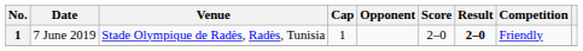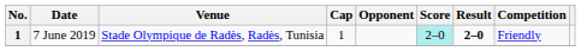 <table class="wikitable sortable plainrowheaders">
 <tr>
 <th scope=col>No.</th>
 <th scope=col>Date</th>
 <th scope=col>Venue</th>
 <th scope=col>Cap</th>
 <th scope=col>Opponent</th>
 <th scope=col>Score</th>
 <th scope=col>Result</th>
 <th scope=col>Competition</th>
 <th scope=col class=unsortable></th>
 </tr>
 <tr>
 <th scope=row style=text-align:center>1</th>
 <td>7 June 2019</td>
 <td><a href='#'>Stade Olympique de Radès</a>, <a href='#'>Radès</a>, Tunisia</td>
 <td align=center>1</td>
 <td></td>
-<td align=center>2–0</td>
+<td align=center style="background: paleturquoise;">2–0</td>
 <td align=center><strong>2–0</strong></td>
 <td><a href='#'>Friendly</a></td>
 <td align=center></td>
 </tr>
 <tr>
 </tr>
 </table>
